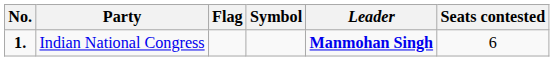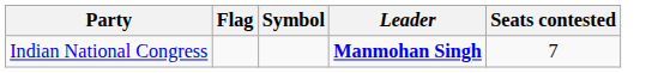 <table class="wikitable">
 <tr>
-<th>No.</th>
 <th>Party</th>
 <th><strong>Flag</strong></th>
 <th>Symbol</th>
 <th><em>Leader</em></th>
 <th>Seats contested</th>
 </tr>
 <tr>
-<td ! style="text-align:center; background:"><strong>1.</strong></td>
 <td style="text-align:center"><a href='#'>Indian National Congress</a></td>
 <td></td>
 <td></td>
 <td style="text-align:center"><strong><a href='#'>Manmohan Singh</a></strong></td>
-<td style="text-align:center">6</td>
+<td style="text-align:center">7</td>
 </tr>
 </table>
